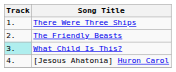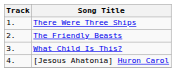 <table class="wikitable" style="font-size:95%;">
 <tr>
 <th>Track</th>
 <th>Song Title</th>
 </tr>
 <tr>
 <td>1.</td>
 <td><a href='#'>There Were Three Ships</a></td>
 </tr>
 <tr>
 <td>2.</td>
 <td><a href='#'>The Friendly Beasts</a></td>
 </tr>
 <tr>
-<td style="background: paleturquoise;">3.</td>
+<td>3.</td>
 <td><a href='#'>What Child Is This?</a></td>
 </tr>
 <tr>
 <td>4.</td>
 <td>[Jesous Ahatonia] <a href='#'>Huron Carol</a></td>
 </tr>
 <tr>
 </tr>
 </table>
